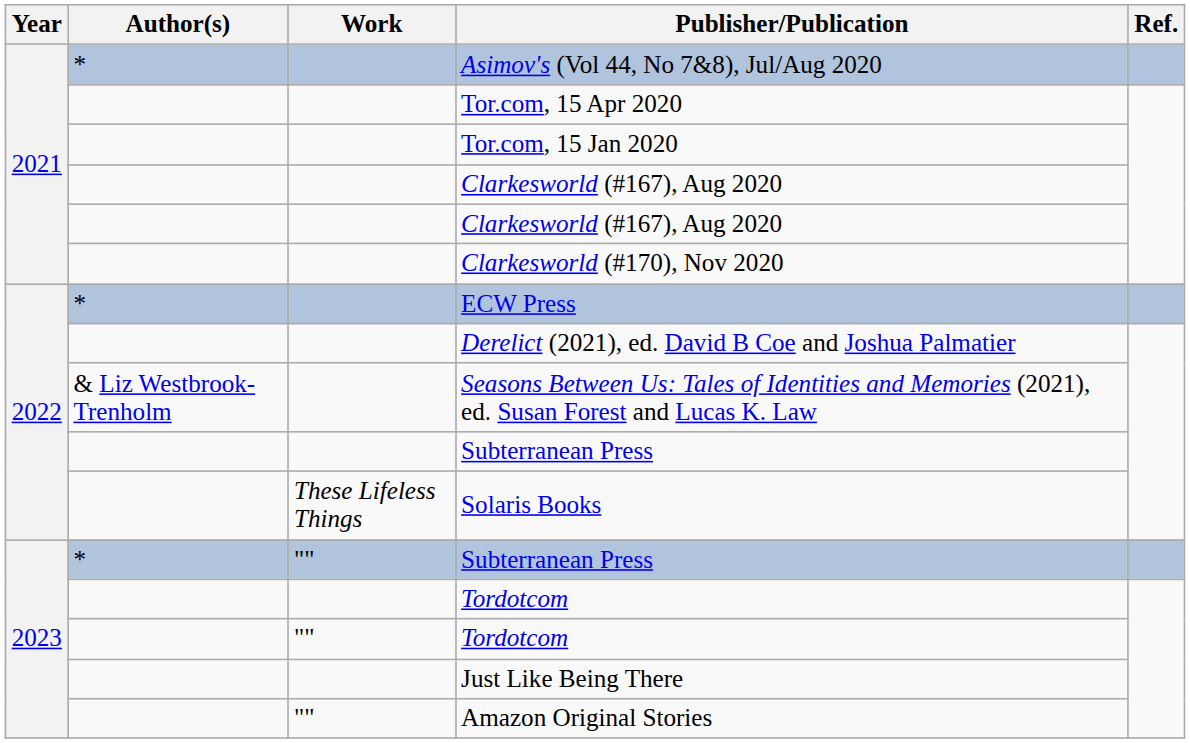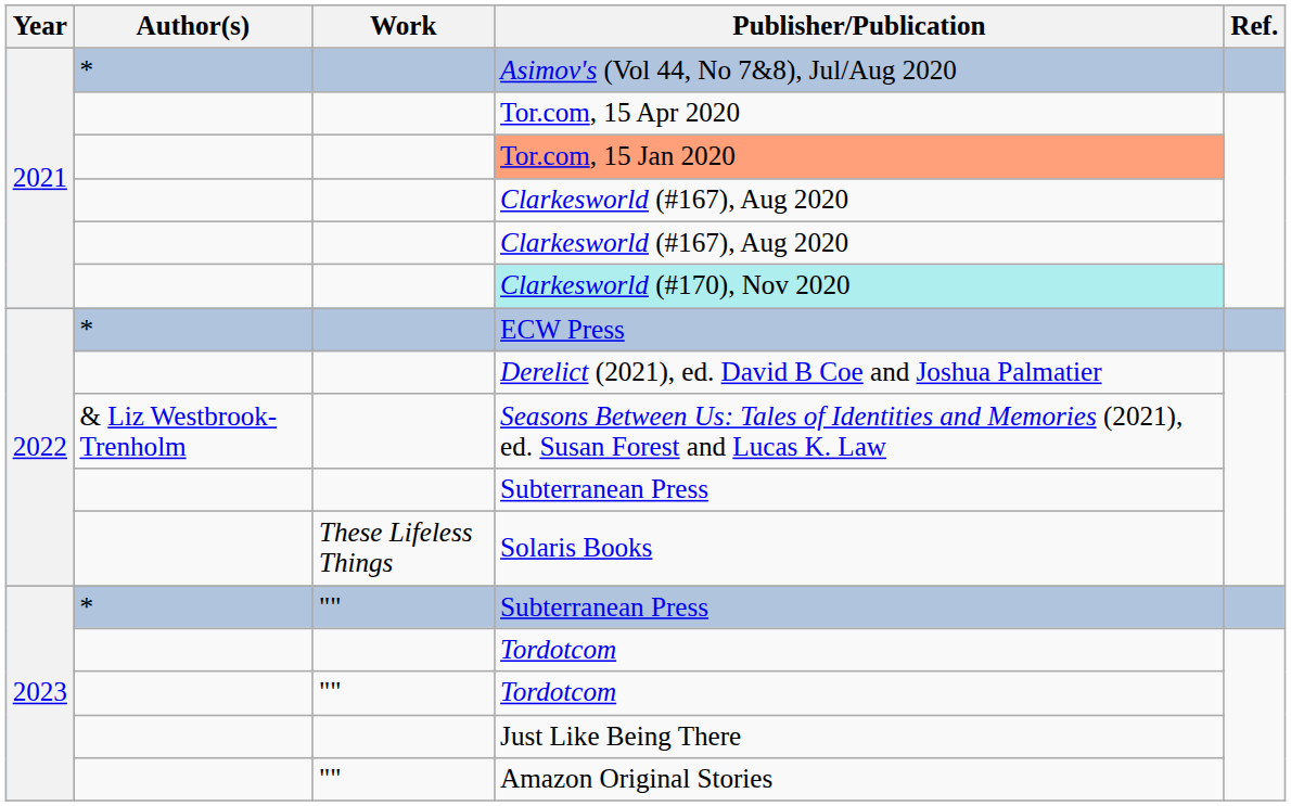 <table class="sortable wikitable" width="85%" style="margin: 1em auto 1em auto">
 <tr>
 <th scope="col">Year</th>
 <th scope="col">Author(s)</th>
 <th scope="col">Work</th>
 <th scope="col">Publisher/Publication</th>
 <th class="unsortable">Ref.</th>
 </tr>
 <tr style="background:#B0C4DE;">
 <th rowspan="6" align="center" scope="row" style="font-weight:normal;"><a href='#'>2021</a></th>
 <td>*</td>
 <td><sup></sup></td>
 <td><em><a href='#'>Asimov's</a></em> (Vol 44, No 7&8), Jul/Aug 2020</td>
 <td align="center"></td>
 </tr>
 <tr>
 <td></td>
 <td><sup></sup></td>
 <td><a href='#'>Tor.com</a>, 15 Apr 2020</td>
 <td rowspan="5" align="center"></td>
 </tr>
 <tr>
 <td></td>
 <td><sup></sup></td>
-<td><a href='#'>Tor.com</a>, 15 Jan 2020</td>
+<td style="background: lightsalmon;"><a href='#'>Tor.com</a>, 15 Jan 2020</td>
 </tr>
 <tr>
 <td></td>
 <td><sup></sup></td>
 <td><em><a href='#'>Clarkesworld</a></em> (#167), Aug 2020</td>
 </tr>
 <tr>
 <td></td>
 <td><sup></sup></td>
 <td><em><a href='#'>Clarkesworld</a></em> (#167), Aug 2020</td>
 </tr>
 <tr>
 <td></td>
 <td><sup></sup></td>
-<td><em><a href='#'>Clarkesworld</a></em> (#170), Nov 2020</td>
+<td style="background: paleturquoise;"><em><a href='#'>Clarkesworld</a></em> (#170), Nov 2020</td>
 </tr>
 <tr style="background:#B0C4DE;">
 <th rowspan="5" align="center" scope="row" style="font-weight:normal;"><a href='#'>2022</a></th>
 <td>*</td>
 <td></td>
 <td><a href='#'>ECW Press</a></td>
 <td align="center"></td>
 </tr>
 <tr>
 <td></td>
 <td></td>
 <td><em><a href='#'>Derelict</a></em> (2021), ed. <a href='#'>David B Coe</a> and <a href='#'>Joshua Palmatier</a></td>
 <td rowspan="4"></td>
 </tr>
 <tr>
 <td> & <a href='#'>Liz Westbrook-Trenholm</a></td>
 <td></td>
 <td><em><a href='#'>Seasons Between Us: Tales of Identities and Memories</a></em> (2021), ed. <a href='#'>Susan Forest</a> and <a href='#'>Lucas K. Law</a></td>
 </tr>
 <tr>
 <td></td>
 <td></td>
 <td><a href='#'>Subterranean Press</a></td>
 </tr>
 <tr>
 <td></td>
 <td><em>These Lifeless Things</em></td>
 <td><a href='#'>Solaris Books</a></td>
 </tr>
 <tr style="background:#B0C4DE;">
 <th rowspan="5" align="center" scope="row" style="font-weight:normal;"><a href='#'>2023</a></th>
 <td>*</td>
 <td>""</td>
 <td><a href='#'>Subterranean Press</a></td>
 <td align="center"></td>
 </tr>
 <tr>
 <td></td>
 <td></td>
 <td><em><a href='#'>Tordotcom</a></em></td>
 <td rowspan="4"></td>
 </tr>
 <tr>
 <td></td>
 <td>""</td>
 <td><em><a href='#'>Tordotcom</a></em></td>
 </tr>
 <tr>
 <td></td>
 <td></td>
 <td>Just Like Being There</td>
 </tr>
 <tr>
 <td></td>
 <td>""</td>
 <td>Amazon Original Stories</td>
 </tr>
 </table>
